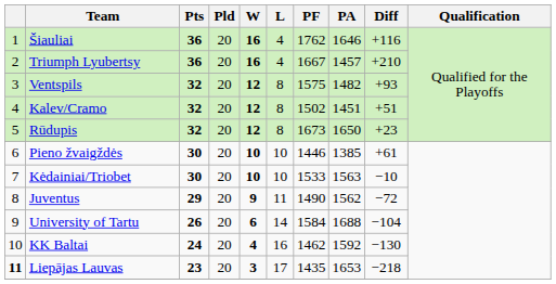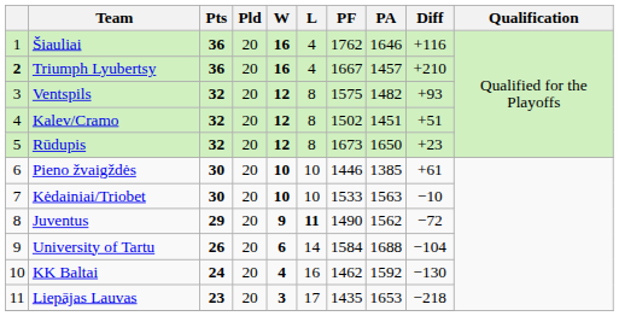 <table class="wikitable" style="text-align: center;">
 <tr>
 <th width=15></th>
 <th width=220>Team</th>
 <th width=30>Pts</th>
 <th width=30>Pld</th>
 <th width=30>W</th>
 <th width=30>L</th>
 <th width=30>PF</th>
 <th width=30>PA</th>
 <th width=50>Diff</th>
 <th width=220>Qualification</th>
 </tr>
 <tr bgcolor=D0F0C0>
 <td>1</td>
 <td align="left"> <a href='#'>Šiauliai</a></td>
 <td><strong>36</strong></td>
 <td>20</td>
 <td><strong>16</strong></td>
 <td>4</td>
 <td>1762</td>
 <td>1646</td>
 <td>+116</td>
 <td rowspan=5 align="center">Qualified for the Playoffs</td>
 </tr>
 <tr bgcolor=D0F0C0>
-<td>2</td>
+<td><strong>2</strong></td>
 <td align="left"> <a href='#'>Triumph Lyubertsy</a></td>
 <td><strong>36</strong></td>
 <td>20</td>
 <td><strong>16</strong></td>
 <td>4</td>
 <td>1667</td>
 <td>1457</td>
 <td>+210</td>
 </tr>
 <tr bgcolor=D0F0C0>
 <td>3</td>
 <td align="left"> <a href='#'>Ventspils</a></td>
 <td><strong>32</strong></td>
 <td>20</td>
 <td><strong>12</strong></td>
 <td>8</td>
 <td>1575</td>
 <td>1482</td>
 <td>+93</td>
 </tr>
 <tr bgcolor=D0F0C0>
 <td>4</td>
 <td align="left"> <a href='#'>Kalev/Cramo</a></td>
 <td><strong>32</strong></td>
 <td>20</td>
 <td><strong>12</strong></td>
 <td>8</td>
 <td>1502</td>
 <td>1451</td>
 <td>+51</td>
 </tr>
 <tr bgcolor=D0F0C0>
 <td>5</td>
 <td align="left"> <a href='#'>Rūdupis</a></td>
 <td><strong>32</strong></td>
 <td>20</td>
 <td><strong>12</strong></td>
 <td>8</td>
 <td>1673</td>
 <td>1650</td>
 <td>+23</td>
 </tr>
 <tr bgcolor=>
 <td>6</td>
 <td align="left"> <a href='#'>Pieno žvaigždės</a></td>
 <td><strong>30</strong></td>
 <td>20</td>
 <td><strong>10</strong></td>
 <td>10</td>
 <td>1446</td>
 <td>1385</td>
 <td>+61</td>
 </tr>
 <tr bgcolor=>
 <td>7</td>
 <td align="left"> <a href='#'>Kėdainiai/Triobet</a></td>
 <td><strong>30</strong></td>
 <td>20</td>
 <td><strong>10</strong></td>
 <td>10</td>
 <td>1533</td>
 <td>1563</td>
 <td>−10</td>
 </tr>
 <tr bgcolor=>
 <td>8</td>
 <td align="left"> <a href='#'>Juventus</a></td>
 <td><strong>29</strong></td>
 <td>20</td>
 <td><strong>9</strong></td>
-<td>11</td>
+<td><strong>11</strong></td>
 <td>1490</td>
 <td>1562</td>
 <td>−72</td>
 </tr>
 <tr bgcolor=>
 <td>9</td>
 <td align="left"> <a href='#'>University of Tartu</a></td>
 <td><strong>26</strong></td>
 <td>20</td>
 <td><strong>6</strong></td>
 <td>14</td>
 <td>1584</td>
 <td>1688</td>
 <td>−104</td>
 </tr>
 <tr bgcolor=>
 <td>10</td>
 <td align="left"> <a href='#'>KK Baltai</a></td>
 <td><strong>24</strong></td>
 <td>20</td>
 <td><strong>4</strong></td>
 <td>16</td>
 <td>1462</td>
 <td>1592</td>
 <td>−130</td>
 </tr>
 <tr bgcolor=>
-<td><strong>11</strong></td>
+<td>11</td>
 <td align="left"> <a href='#'>Liepājas Lauvas</a></td>
 <td><strong>23</strong></td>
 <td>20</td>
 <td><strong>3</strong></td>
 <td>17</td>
 <td>1435</td>
 <td>1653</td>
 <td>−218</td>
 </tr>
 <tr>
 </tr>
 </table>
